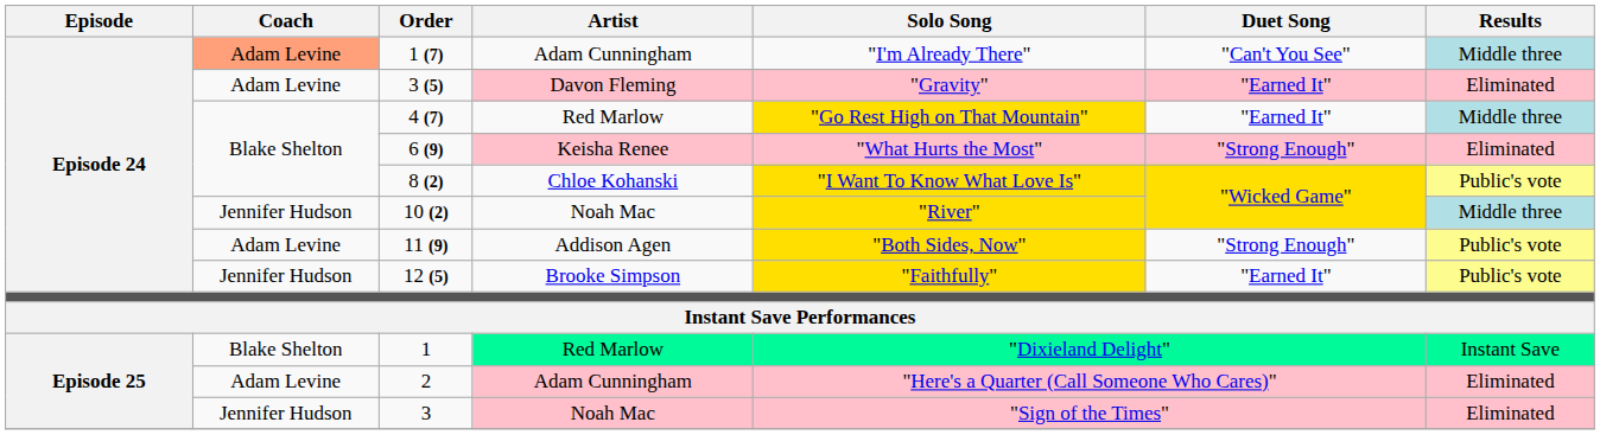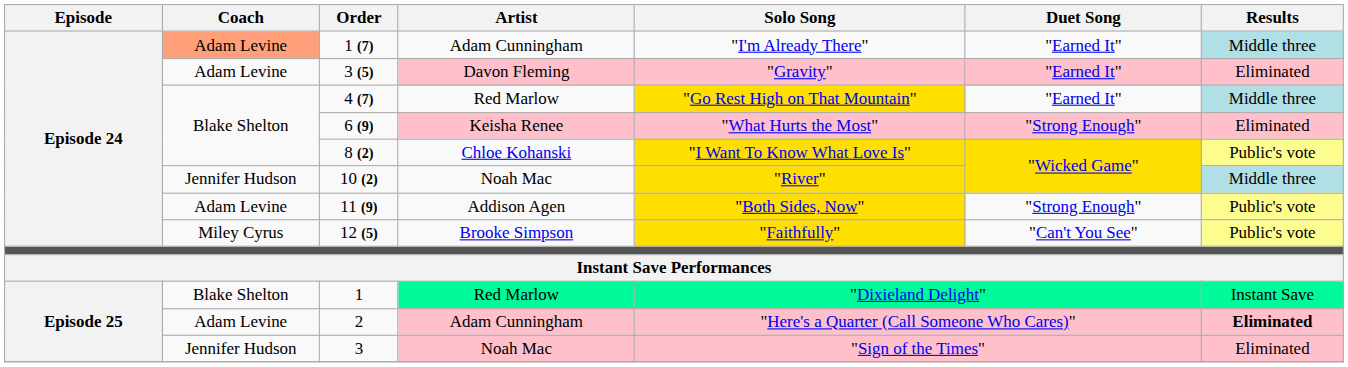 <table class="wikitable" style="text-align:center; width:100%;">
 <tr>
 <th style="width:10%;">Episode</th>
 <th style="width:10%;">Coach</th>
 <th style="width:05%;">Order</th>
 <th style="width:15%;">Artist</th>
 <th style="width:21%;">Solo Song</th>
 <th style="width:15%;">Duet Song</th>
 <th style="width:09%;">Results</th>
 </tr>
 <tr>
 <th rowspan="8" scope="row">Episode 24<br><small></small></th>
 <td style="background: lightsalmon;">Adam Levine</td>
 <td>1 <small><strong>(7)</strong></small></td>
 <td>Adam Cunningham</td>
 <td>"<a href='#'>I'm Already There</a>"</td>
-<td>"<a href='#'>Can't You See</a>"</td>
+<td>"<a href='#'>Earned It</a>"</td>
 <td style="background:#B0E0E6;">Middle three</td>
 </tr>
 <tr>
 <td>Adam Levine</td>
 <td>3 <small><strong>(5)</strong></small></td>
 <td style="background:Pink;">Davon Fleming</td>
 <td style="background:Pink;">"<a href='#'>Gravity</a>"</td>
 <td style="background:Pink;">"<a href='#'>Earned It</a>"</td>
 <td style="background:Pink;">Eliminated</td>
 </tr>
 <tr>
 <td rowspan="3">Blake Shelton</td>
 <td>4 <small><strong>(7)</strong></small></td>
 <td>Red Marlow</td>
 <td style="background:#fedf00;">"<a href='#'>Go Rest High on That Mountain</a>"</td>
 <td>"<a href='#'>Earned It</a>"</td>
 <td style="background:#B0E0E6;">Middle three</td>
 </tr>
 <tr>
 <td>6 <small><strong>(9)</strong></small></td>
 <td style="background:Pink;">Keisha Renee</td>
 <td style="background:Pink;">"<a href='#'>What Hurts the Most</a>"</td>
 <td style="background:Pink;">"<a href='#'>Strong Enough</a>"</td>
 <td style="background:Pink;">Eliminated</td>
 </tr>
 <tr>
 <td>8 <small><strong>(2)</strong></small></td>
 <td><a href='#'>Chloe Kohanski</a></td>
 <td style="background:#fedf00;">"<a href='#'>I Want To Know What Love Is</a>"</td>
 <td rowspan="2" style="background:#fedf00;">"<a href='#'>Wicked Game</a>"</td>
 <td style="background:#fdfc8f;">Public's vote</td>
 </tr>
 <tr>
 <td>Jennifer Hudson</td>
 <td>10 <small><strong>(2)</strong></small></td>
 <td>Noah Mac</td>
 <td style="background:#fedf00;">"<a href='#'>River</a>"</td>
 <td style="background:#B0E0E6;">Middle three</td>
 </tr>
 <tr>
 <td>Adam Levine</td>
 <td>11 <small><strong>(9)</strong></small></td>
 <td>Addison Agen</td>
 <td style="background:#fedf00;">"<a href='#'>Both Sides, Now</a>"</td>
 <td>"<a href='#'>Strong Enough</a>"</td>
 <td style="background:#fdfc8f;">Public's vote</td>
 </tr>
 <tr>
-<td>Jennifer Hudson</td>
+<td>Miley Cyrus</td>
 <td>12 <small><strong>(5)</strong></small></td>
 <td><a href='#'>Brooke Simpson</a></td>
 <td style="background:#fedf00;">"<a href='#'>Faithfully</a>"</td>
-<td>"<a href='#'>Earned It</a>"</td>
+<td>"<a href='#'>Can't You See</a>"</td>
 <td style="background:#fdfc8f;">Public's vote</td>
 </tr>
 <tr>
 <td colspan="7" style="background:#555;"></td>
 </tr>
 <tr>
 <th colspan="7">Instant Save Performances</th>
 </tr>
 <tr>
 <th rowspan="3" scope="row">Episode 25<br><small></small></th>
 <td>Blake Shelton</td>
 <td>1</td>
 <td style="background:#00FA9A;">Red Marlow</td>
 <td style="background:#00FA9A;" colspan="2">"<a href='#'>Dixieland Delight</a>"</td>
 <td style="background:#00FA9A;">Instant Save</td>
 </tr>
 <tr>
 <td>Adam Levine</td>
 <td>2</td>
 <td style="background:Pink;">Adam Cunningham</td>
 <td style="background:Pink;" colspan="2">"<a href='#'>Here's a Quarter (Call Someone Who Cares)</a>"</td>
-<td style="background:Pink;">Eliminated</td>
+<td style="background:Pink;"><strong>Eliminated</strong></td>
 </tr>
 <tr>
 <td>Jennifer Hudson</td>
 <td>3</td>
 <td style="background:Pink;">Noah Mac</td>
 <td style="background:Pink;" colspan="2">"<a href='#'>Sign of the Times</a>"</td>
 <td style="background:Pink;">Eliminated</td>
 </tr>
 <tr>
 </tr>
 </table>
